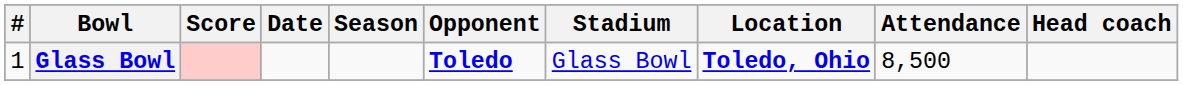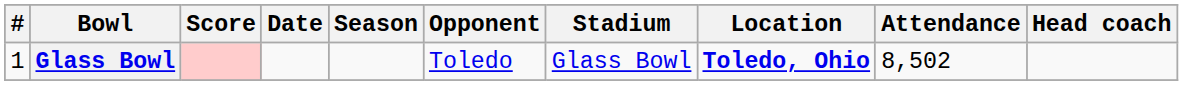 <table class="wikitable sortable">
 <tr>
 <th>#</th>
 <th>Bowl</th>
 <th>Score</th>
 <th>Date</th>
 <th>Season</th>
 <th>Opponent</th>
 <th>Stadium</th>
 <th>Location</th>
 <th>Attendance</th>
 <th>Head coach</th>
 </tr>
 <tr>
 <td style="text-align:center;">1</td>
 <th scope="row"><a href='#'>Glass Bowl</a></th>
 <td style="background:#fcc;"></td>
 <td></td>
 <td></td>
-<td><strong><a href='#'>Toledo</a></strong></td>
+<td><a href='#'>Toledo</a></td>
 <td><a href='#'>Glass Bowl</a></td>
 <td><strong><a href='#'>Toledo, Ohio</a></strong></td>
-<td>8,500</td>
+<td>8,502</td>
 <td></td>
 </tr>
 </table>
